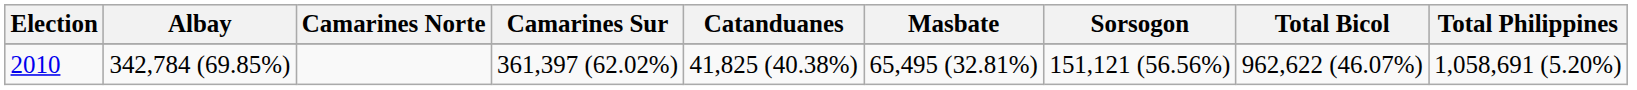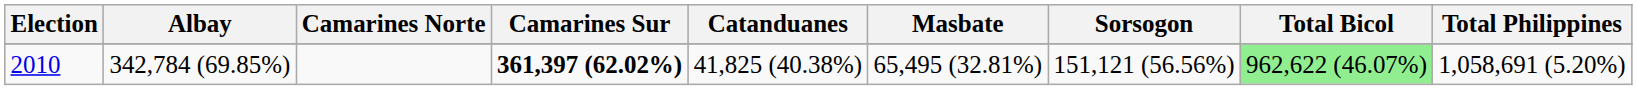 <table class=wikitable>
 <tr>
 <th>Election</th>
 <th>Albay</th>
 <th>Camarines Norte</th>
 <th>Camarines Sur</th>
 <th>Catanduanes</th>
 <th>Masbate</th>
 <th>Sorsogon</th>
 <th>Total Bicol</th>
 <th>Total Philippines</th>
 </tr>
 <tr>
 </tr>
 <tr>
 <td align=left><a href='#'>2010</a></td>
 <td>342,784 (69.85%)</td>
 <td></td>
-<td>361,397 (62.02%)</td>
+<td><strong>361,397 (62.02%)</strong></td>
 <td>41,825 (40.38%)</td>
 <td>65,495 (32.81%)</td>
 <td>151,121 (56.56%)</td>
-<td>962,622 (46.07%)</td>
+<td style="background: lightgreen;">962,622 (46.07%)</td>
 <td>1,058,691 (5.20%)</td>
 </tr>
 </table>
